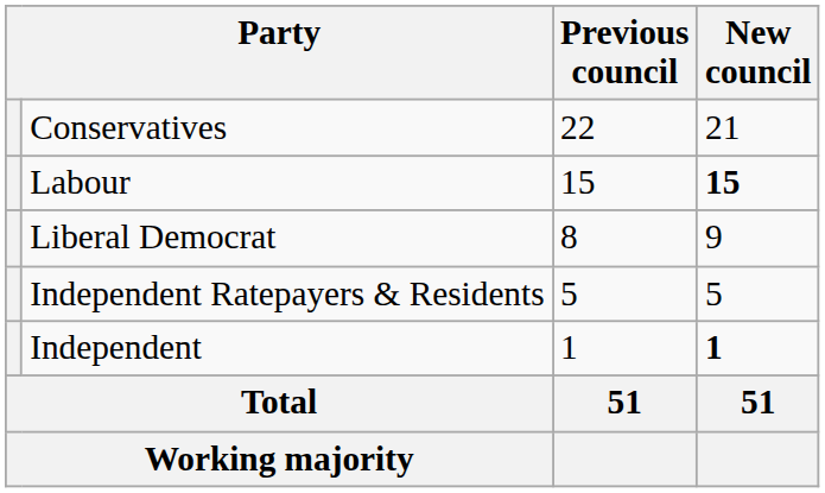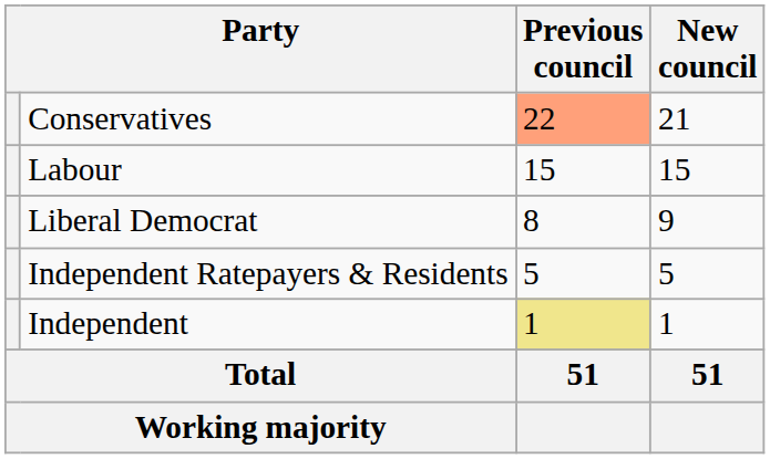 <table class="wikitable">
 <tr>
 <th valign=top colspan="2" style="width: 230px">Party</th>
 <th valign=top style="width: 30px">Previous council</th>
 <th valign=top style="width: 30px">New council</th>
 </tr>
 <tr>
 <th style="background-color: "></th>
 <td>Conservatives</td>
-<td>22</td>
+<td style="background: lightsalmon;">22</td>
 <td>21</td>
 </tr>
 <tr>
 <th style="background-color: "></th>
 <td>Labour</td>
 <td>15</td>
-<td><strong>15</strong></td>
+<td>15</td>
 </tr>
 <tr>
 <th style="background-color: "></th>
 <td>Liberal Democrat</td>
 <td>8</td>
 <td>9</td>
 </tr>
 <tr>
 <th style="background-color: "></th>
 <td>Independent Ratepayers & Residents</td>
 <td>5</td>
 <td>5</td>
 </tr>
 <tr>
 <th style="background-color: "></th>
 <td>Independent</td>
+<td style="background: khaki;">1</td>
 <td>1</td>
-<td><strong>1</strong></td>
 </tr>
 <tr>
 <th colspan=2>Total</th>
 <th style="text-align: center">51</th>
 <th colspan=3>51</th>
 </tr>
 <tr>
 <th colspan=2>Working majority</th>
 <th></th>
 <th></th>
 </tr>
 </table>
